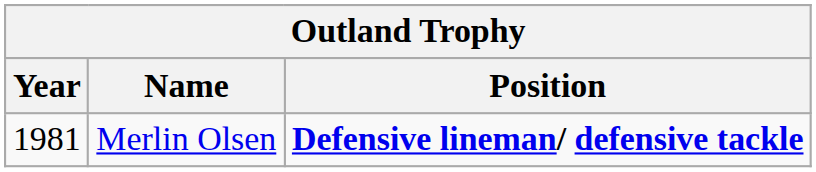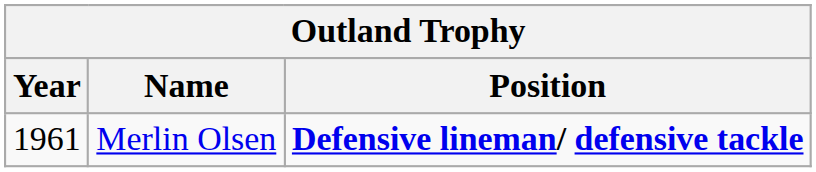 <table class="wikitable">
 <tr align="center">
 <th colspan=5>Outland Trophy</th>
 </tr>
 <tr>
 <th>Year</th>
 <th>Name</th>
 <th>Position</th>
 </tr>
 <tr align="center" bgcolor="">
-<td>1981</td>
+<td>1961</td>
 <td><a href='#'>Merlin Olsen</a></td>
 <td><strong><a href='#'>Defensive lineman</a>/ <a href='#'>defensive tackle</a></strong></td>
 </tr>
 </table>
